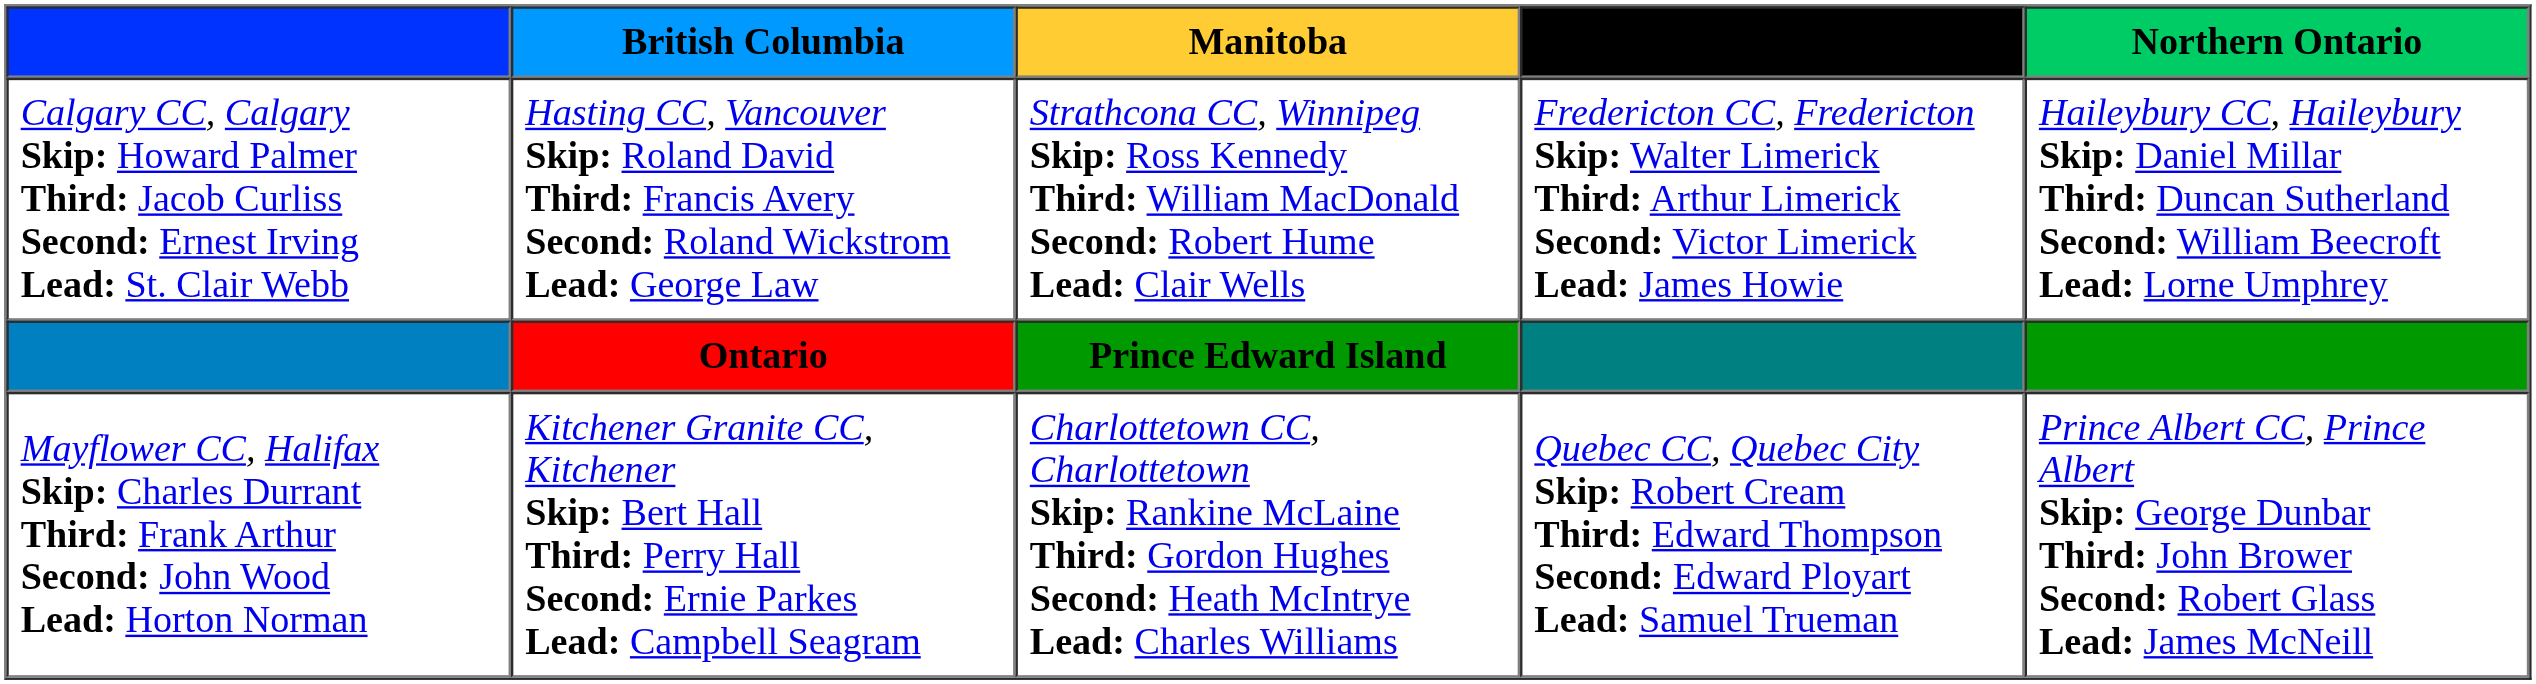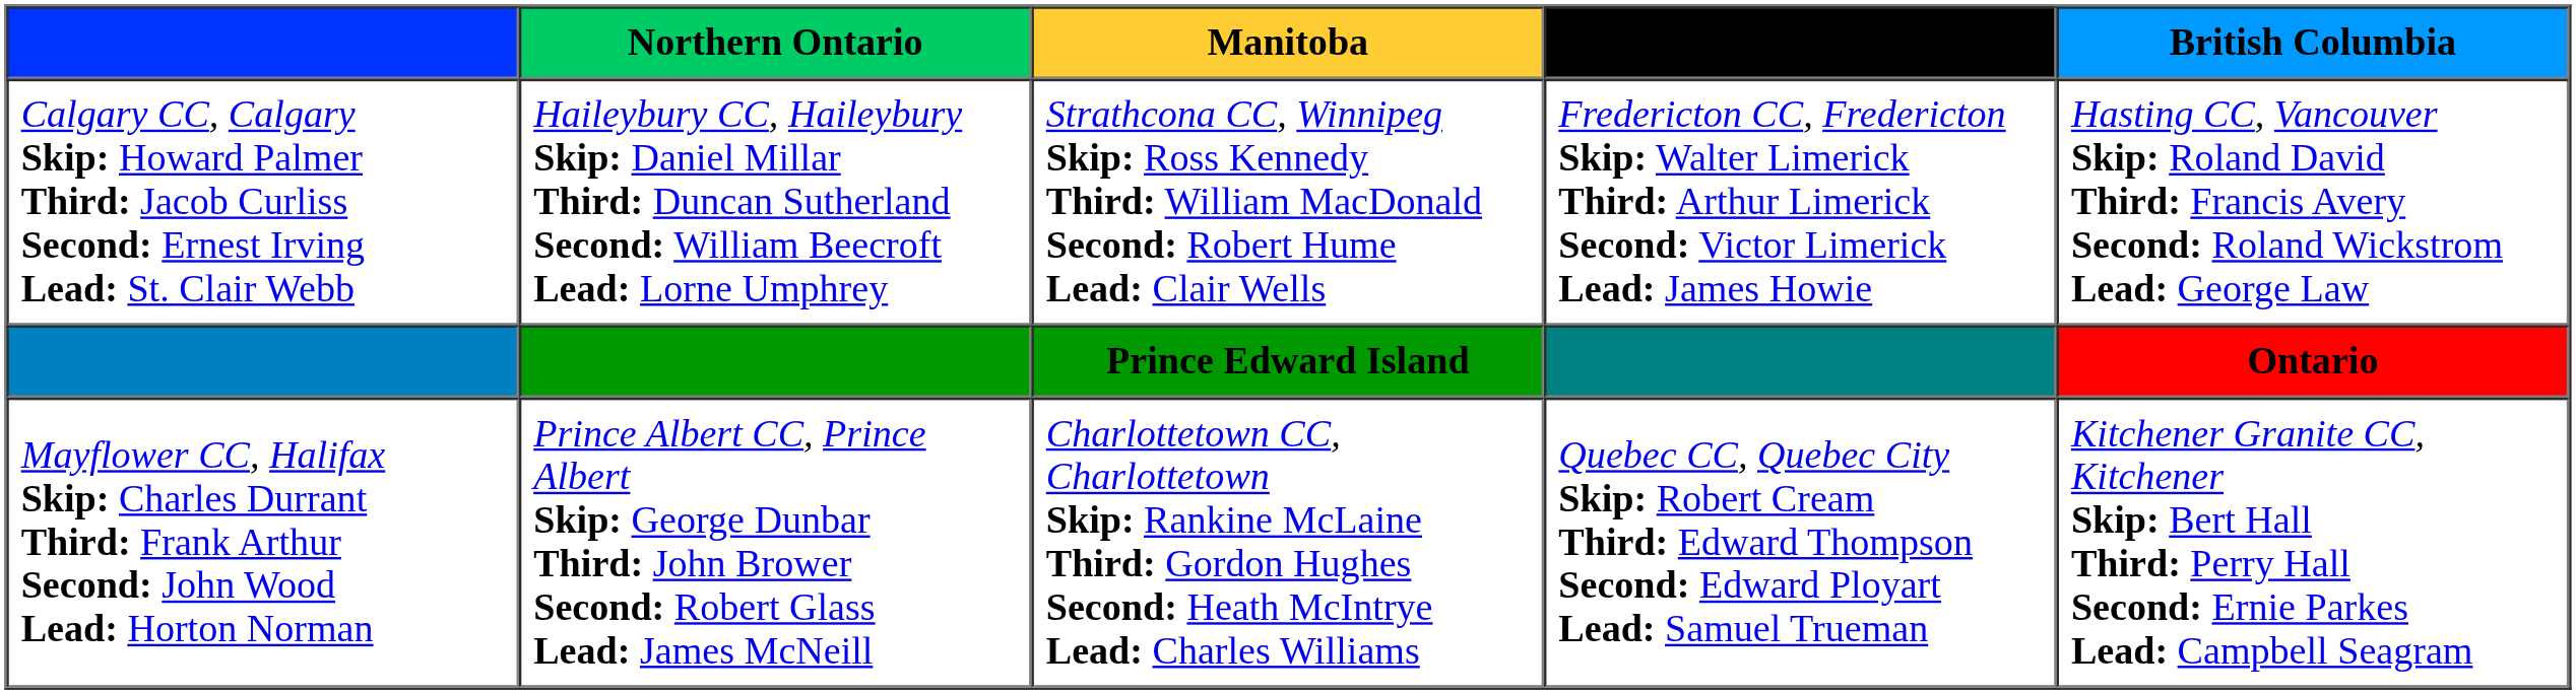 <table - border=1 cellpadding=5 cellspacing=0>
 <tr>
 <th bgcolor=#0033FF width=200></th>
-<th style="background:#09f; width:200px;">British Columbia</th>
+<th style="background:#0c6; width:200px;">Northern Ontario</th>
 <th style="background:#FFCC33; width:200px;">Manitoba</th>
 <th bgcolor=#000000 width=200></th>
-<th style="background:#0c6; width:200px;">Northern Ontario</th>
+<th style="background:#09f; width:200px;">British Columbia</th>
 </tr>
 <tr>
 <td><em><a href='#'>Calgary CC</a>, <a href='#'>Calgary</a></em><br><strong>Skip:</strong> <a href='#'>Howard Palmer</a><br> <strong>Third:</strong> <a href='#'>Jacob Curliss</a><br> <strong>Second:</strong> <a href='#'>Ernest Irving</a><br> <strong>Lead:</strong> <a href='#'>St. Clair Webb</a></td>
-<td><em><a href='#'>Hasting CC</a>, <a href='#'>Vancouver</a></em><br><strong>Skip:</strong> <a href='#'>Roland David</a><br> <strong>Third:</strong> <a href='#'>Francis Avery</a><br> <strong>Second:</strong> <a href='#'>Roland Wickstrom</a><br> <strong>Lead:</strong> <a href='#'>George Law</a></td>
+<td><em><a href='#'>Haileybury CC</a>, <a href='#'>Haileybury</a></em><br><strong>Skip:</strong> <a href='#'>Daniel Millar</a><br> <strong>Third:</strong> <a href='#'>Duncan Sutherland</a><br> <strong>Second:</strong> <a href='#'>William Beecroft</a><br> <strong>Lead:</strong> <a href='#'>Lorne Umphrey</a></td>
 <td><em><a href='#'>Strathcona CC</a>, <a href='#'>Winnipeg</a></em><br><strong>Skip:</strong> <a href='#'>Ross Kennedy</a><br> <strong>Third:</strong> <a href='#'>William MacDonald</a><br> <strong>Second:</strong> <a href='#'>Robert Hume</a><br> <strong>Lead:</strong> <a href='#'>Clair Wells</a></td>
 <td><em><a href='#'>Fredericton CC</a>, <a href='#'>Fredericton</a></em><br><strong>Skip:</strong> <a href='#'>Walter Limerick</a><br> <strong>Third:</strong> <a href='#'>Arthur Limerick</a><br> <strong>Second:</strong> <a href='#'>Victor Limerick</a><br> <strong>Lead:</strong> <a href='#'>James Howie</a></td>
-<td><em><a href='#'>Haileybury CC</a>, <a href='#'>Haileybury</a></em><br><strong>Skip:</strong> <a href='#'>Daniel Millar</a><br> <strong>Third:</strong> <a href='#'>Duncan Sutherland</a><br> <strong>Second:</strong> <a href='#'>William Beecroft</a><br> <strong>Lead:</strong> <a href='#'>Lorne Umphrey</a></td>
+<td><em><a href='#'>Hasting CC</a>, <a href='#'>Vancouver</a></em><br><strong>Skip:</strong> <a href='#'>Roland David</a><br> <strong>Third:</strong> <a href='#'>Francis Avery</a><br> <strong>Second:</strong> <a href='#'>Roland Wickstrom</a><br> <strong>Lead:</strong> <a href='#'>George Law</a></td>
 </tr>
 <tr border=1 cellpadding=5 cellspacing=0>
 <th bgcolor=#0080C0 width=200></th>
-<th bgcolor=#FF0000 width=200>Ontario</th>
+<th bgcolor=#009900 width=200></th>
 <th style="background:#090; width:200px;">Prince Edward Island</th>
 <th style="background:#008080; width:200px;"></th>
-<th bgcolor=#009900 width=200></th>
+<th bgcolor=#FF0000 width=200>Ontario</th>
 </tr>
 <tr>
 <td><em><a href='#'>Mayflower CC</a>, <a href='#'>Halifax</a></em><br><strong>Skip:</strong> <a href='#'>Charles Durrant</a><br> <strong>Third:</strong> <a href='#'>Frank Arthur</a><br> <strong>Second:</strong> <a href='#'>John Wood</a><br> <strong>Lead:</strong> <a href='#'>Horton Norman</a></td>
-<td><em><a href='#'>Kitchener Granite CC</a>, <a href='#'>Kitchener</a></em><br><strong>Skip:</strong> <a href='#'>Bert Hall</a><br> <strong>Third:</strong> <a href='#'>Perry Hall</a><br> <strong>Second:</strong> <a href='#'>Ernie Parkes</a><br> <strong>Lead:</strong> <a href='#'>Campbell Seagram</a></td>
+<td><em><a href='#'>Prince Albert CC</a>, <a href='#'>Prince Albert</a></em><br><strong>Skip:</strong> <a href='#'>George Dunbar</a><br> <strong>Third:</strong> <a href='#'>John Brower</a><br> <strong>Second:</strong> <a href='#'>Robert Glass</a><br> <strong>Lead:</strong> <a href='#'>James McNeill</a></td>
 <td><em><a href='#'>Charlottetown CC</a>, <a href='#'>Charlottetown</a></em><br><strong>Skip:</strong> <a href='#'>Rankine McLaine</a><br> <strong>Third:</strong> <a href='#'>Gordon Hughes</a><br> <strong>Second:</strong> <a href='#'>Heath McIntrye</a><br> <strong>Lead:</strong> <a href='#'>Charles Williams</a></td>
 <td><em><a href='#'>Quebec CC</a>, <a href='#'>Quebec City</a></em><br><strong>Skip:</strong> <a href='#'>Robert Cream</a><br> <strong>Third:</strong> <a href='#'>Edward Thompson</a><br> <strong>Second:</strong> <a href='#'>Edward Ployart</a><br> <strong>Lead:</strong> <a href='#'>Samuel Trueman</a></td>
-<td><em><a href='#'>Prince Albert CC</a>, <a href='#'>Prince Albert</a></em><br><strong>Skip:</strong> <a href='#'>George Dunbar</a><br> <strong>Third:</strong> <a href='#'>John Brower</a><br> <strong>Second:</strong> <a href='#'>Robert Glass</a><br> <strong>Lead:</strong> <a href='#'>James McNeill</a></td>
+<td><em><a href='#'>Kitchener Granite CC</a>, <a href='#'>Kitchener</a></em><br><strong>Skip:</strong> <a href='#'>Bert Hall</a><br> <strong>Third:</strong> <a href='#'>Perry Hall</a><br> <strong>Second:</strong> <a href='#'>Ernie Parkes</a><br> <strong>Lead:</strong> <a href='#'>Campbell Seagram</a></td>
 </tr>
 </table>
